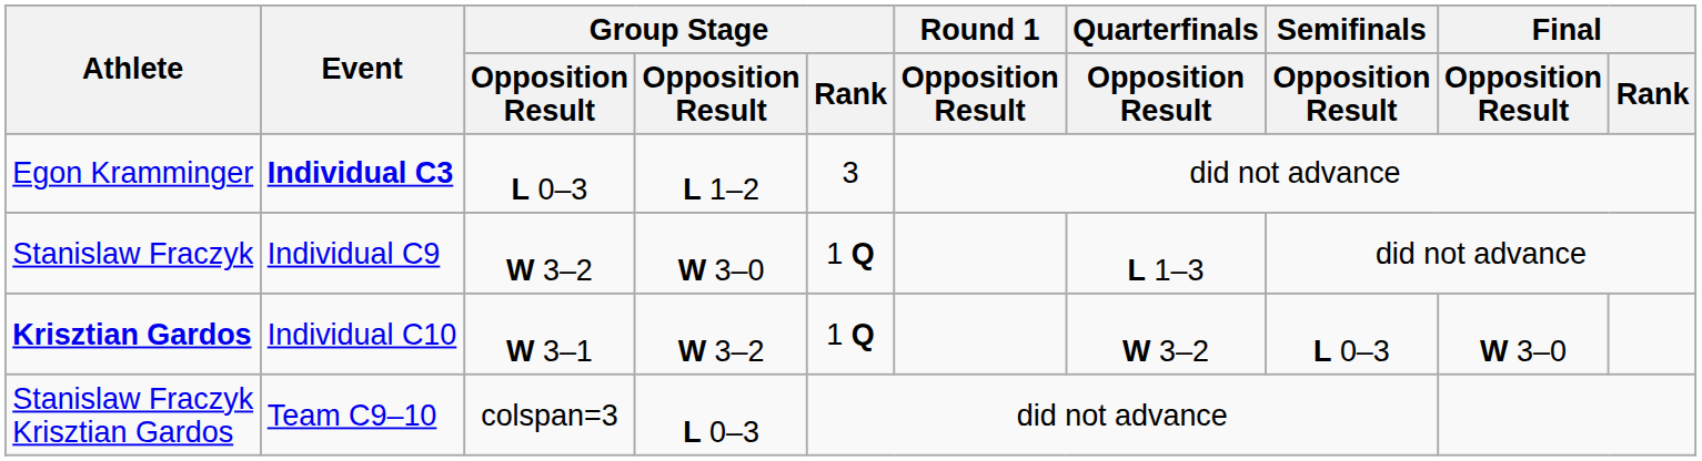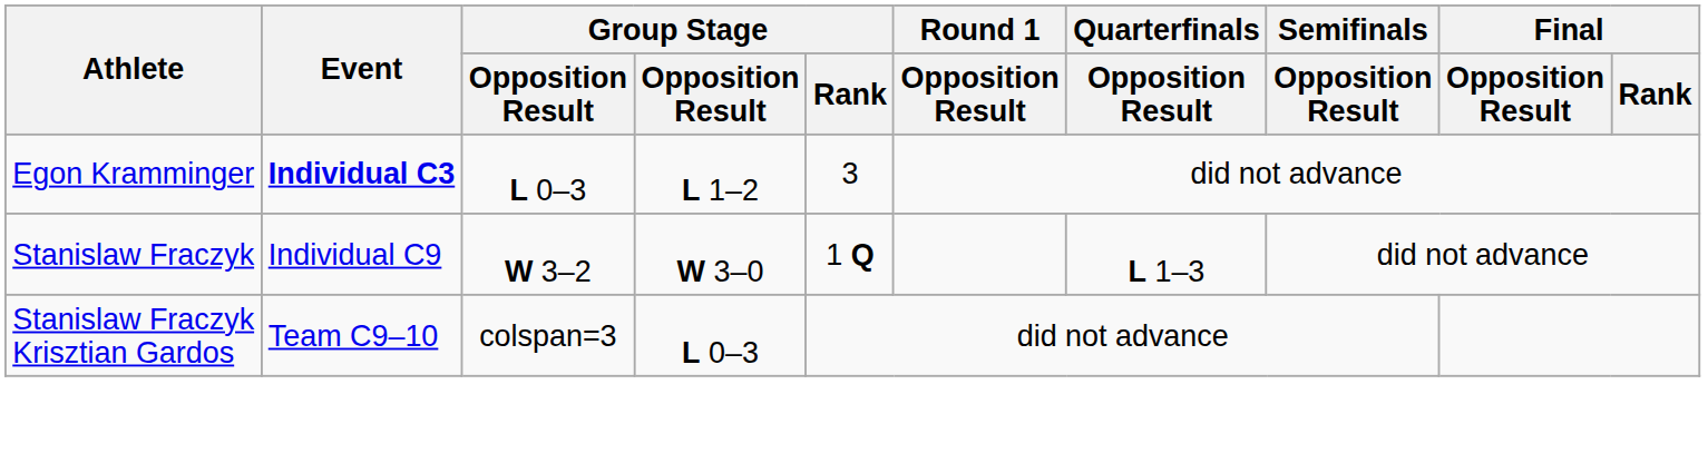 <table class=wikitable style="font-size:90%">
 <tr>
 <th rowspan="2">Athlete</th>
 <th rowspan="2">Event</th>
 <th colspan="3">Group Stage</th>
 <th>Round 1</th>
 <th>Quarterfinals</th>
 <th>Semifinals</th>
 <th colspan="2">Final</th>
 </tr>
 <tr>
 <th>Opposition<br>Result</th>
 <th>Opposition<br>Result</th>
 <th>Rank</th>
 <th>Opposition<br>Result</th>
 <th>Opposition<br>Result</th>
 <th>Opposition<br>Result</th>
 <th>Opposition<br>Result</th>
 <th>Rank</th>
 </tr>
 <tr align=center>
 <td align=left><a href='#'>Egon Kramminger</a></td>
 <td align="left"><strong><a href='#'>Individual C3</a></strong></td>
 <td><br><strong>L</strong> 0–3</td>
 <td><br><strong>L</strong> 1–2</td>
 <td>3</td>
 <td colspan=5>did not advance</td>
 </tr>
 <tr align=center>
 <td align=left><a href='#'>Stanislaw Fraczyk</a></td>
 <td align="left"><a href='#'>Individual C9</a></td>
 <td><br><strong>W</strong> 3–2</td>
 <td><br><strong>W</strong> 3–0</td>
 <td>1 <strong>Q</strong></td>
 <td></td>
 <td><br><strong>L</strong> 1–3</td>
 <td colspan=3>did not advance</td>
 </tr>
 <tr align=center>
-<td align=left><strong><a href='#'>Krisztian Gardos</a></strong></td>
-<td align="left"><a href='#'>Individual C10</a></td>
-<td><br><strong>W</strong> 3–1</td>
-<td><br><strong>W</strong> 3–2</td>
-<td>1 <strong>Q</strong></td>
-<td></td>
-<td><br><strong>W</strong> 3–2</td>
-<td><br><strong>L</strong> 0–3</td>
-<td><br><strong>W</strong> 3–0</td>
-<td></td>
-</tr>
-<tr align=center>
 <td align=left><a href='#'>Stanislaw Fraczyk</a><br><a href='#'>Krisztian Gardos</a></td>
 <td align="left"><a href='#'>Team C9–10</a></td>
 <td>colspan=3</td>
 <td><br><strong>L</strong> 0–3</td>
 <td colspan=4>did not advance</td>
 </tr>
 </table>
